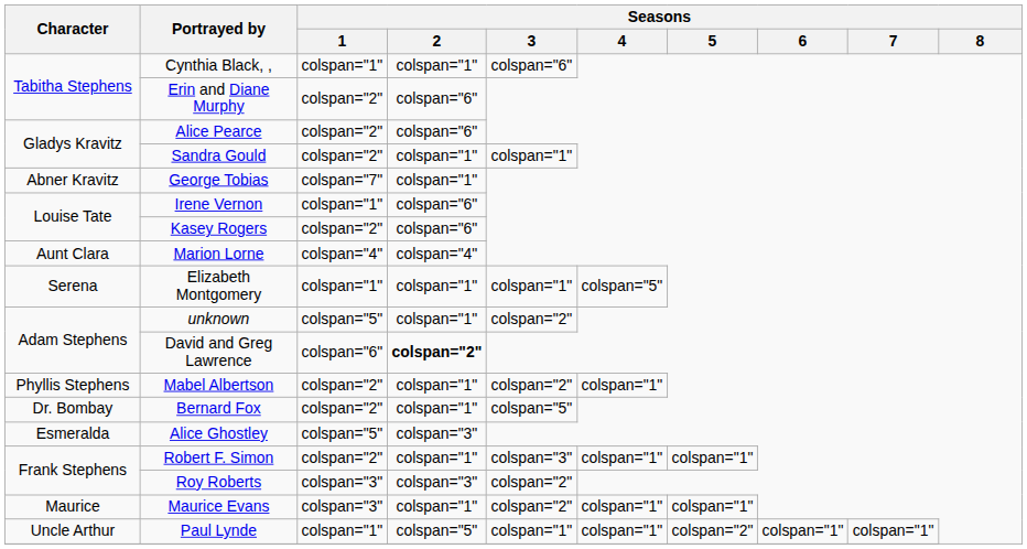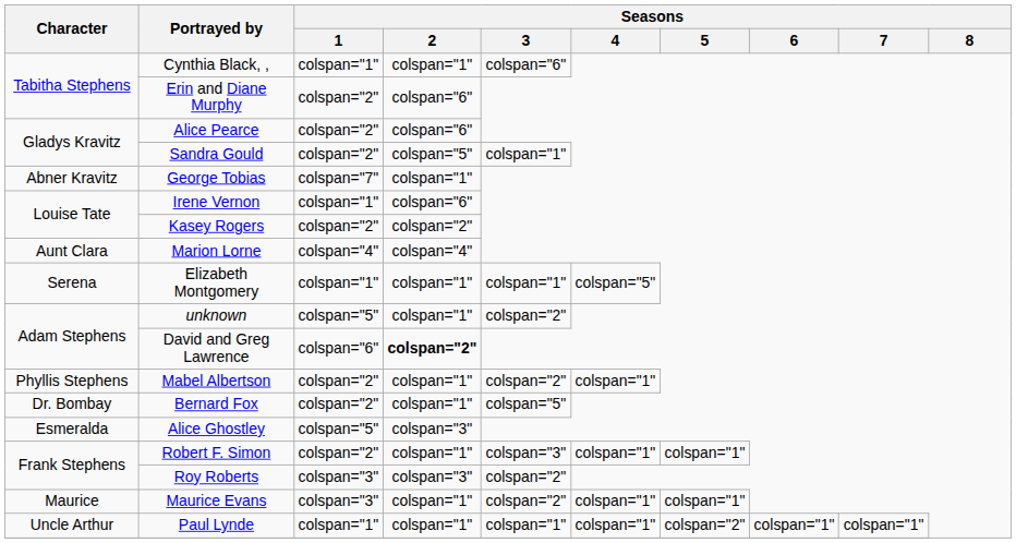 <table class="wikitable plainrowheaders" style="text-align:center; width:84%;">
 <tr>
 <th scope="col" rowspan="2" style="width:13%;">Character</th>
 <th scope="col" rowspan="2" style="width:15%;">Portrayed by</th>
 <th scope="col" colspan="8" style="width:56%;">Seasons</th>
 </tr>
 <tr>
 <th scope="col" style="width:8%;">1</th>
 <th scope="col" style="width:8%;">2</th>
 <th scope="col" style="width:8%;">3</th>
 <th scope="col" style="width:8%;">4</th>
 <th scope="col" style="width:8%;">5</th>
 <th scope="col" style="width:8%;">6</th>
 <th scope="col" style="width:8%;">7</th>
 <th scope="col" style="width:8%;">8</th>
 </tr>
 <tr>
 <td rowspan=2><a href='#'>Tabitha Stephens</a></td>
 <td>Cynthia Black, , </td>
 <td>colspan="1" </td>
 <td>colspan="1" </td>
 <td>colspan="6" </td>
 </tr>
 <tr>
 <td><a href='#'>Erin</a> and <a href='#'>Diane Murphy</a></td>
 <td>colspan="2" </td>
 <td>colspan="6" </td>
 </tr>
 <tr>
 <td rowspan=2>Gladys Kravitz</td>
 <td><a href='#'>Alice Pearce</a></td>
 <td>colspan="2" </td>
 <td>colspan="6" </td>
 </tr>
 <tr>
 <td><a href='#'>Sandra Gould</a></td>
 <td>colspan="2" </td>
-<td>colspan="1" </td>
+<td>colspan="5" </td>
 <td>colspan="1" </td>
 </tr>
 <tr>
 <td>Abner Kravitz</td>
 <td><a href='#'>George Tobias</a></td>
 <td>colspan="7" </td>
 <td>colspan="1" </td>
 </tr>
 <tr>
 <td rowspan=2>Louise Tate</td>
 <td><a href='#'>Irene Vernon</a></td>
 <td>colspan="1" </td>
 <td>colspan="6" </td>
 </tr>
 <tr>
 <td><a href='#'>Kasey Rogers</a></td>
 <td>colspan="2" </td>
-<td>colspan="6" </td>
+<td>colspan="2" </td>
 </tr>
 <tr>
 <td>Aunt Clara</td>
 <td><a href='#'>Marion Lorne</a></td>
 <td>colspan="4" </td>
 <td>colspan="4" </td>
 </tr>
 <tr>
 <td>Serena</td>
 <td>Elizabeth Montgomery</td>
 <td>colspan="1" </td>
 <td>colspan="1" </td>
 <td>colspan="1" </td>
 <td>colspan="5" </td>
 </tr>
 <tr>
 <td rowspan=2>Adam Stephens</td>
 <td><em>unknown</em></td>
 <td>colspan="5" </td>
 <td>colspan="1" </td>
 <td>colspan="2" </td>
 </tr>
 <tr>
 <td>David and Greg Lawrence</td>
 <td>colspan="6" </td>
 <td><strong>colspan="2" </strong></td>
 </tr>
 <tr>
 <td>Phyllis Stephens</td>
 <td><a href='#'>Mabel Albertson</a></td>
 <td>colspan="2" </td>
 <td>colspan="1" </td>
 <td>colspan="2" </td>
 <td>colspan="1" </td>
 </tr>
 <tr>
 <td>Dr. Bombay</td>
 <td><a href='#'>Bernard Fox</a></td>
 <td>colspan="2" </td>
 <td>colspan="1" </td>
 <td>colspan="5" </td>
 </tr>
 <tr>
 <td>Esmeralda</td>
 <td><a href='#'>Alice Ghostley</a></td>
 <td>colspan="5" </td>
 <td>colspan="3" </td>
 </tr>
 <tr>
 <td rowspan=2>Frank Stephens</td>
 <td><a href='#'>Robert F. Simon</a></td>
 <td>colspan="2" </td>
 <td>colspan="1" </td>
 <td>colspan="3" </td>
 <td>colspan="1" </td>
 <td>colspan="1" </td>
 </tr>
 <tr>
 <td><a href='#'>Roy Roberts</a></td>
 <td>colspan="3" </td>
 <td>colspan="3" </td>
 <td>colspan="2" </td>
 </tr>
 <tr>
 <td>Maurice</td>
 <td><a href='#'>Maurice Evans</a></td>
 <td>colspan="3" </td>
 <td>colspan="1" </td>
 <td>colspan="2" </td>
 <td>colspan="1" </td>
 <td>colspan="1" </td>
 </tr>
 <tr>
 <td>Uncle Arthur</td>
 <td><a href='#'>Paul Lynde</a></td>
 <td>colspan="1" </td>
-<td>colspan="5" </td>
+<td>colspan="1" </td>
 <td>colspan="1" </td>
 <td>colspan="1" </td>
 <td>colspan="2" </td>
 <td>colspan="1" </td>
 <td>colspan="1" </td>
 </tr>
 <tr>
 </tr>
 </table>
